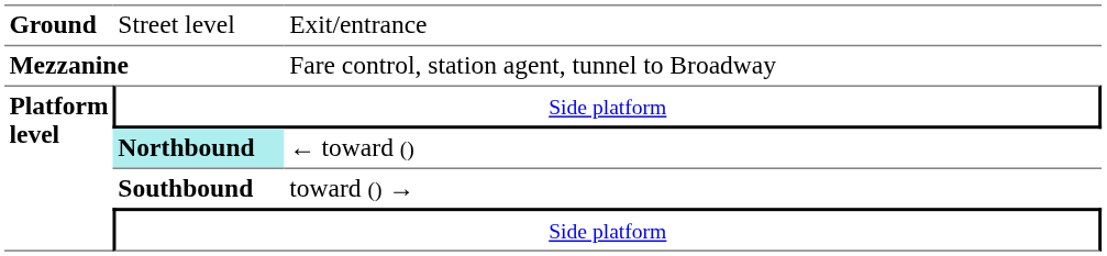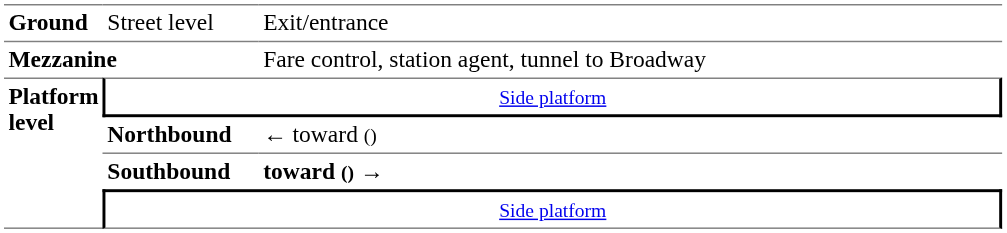 <table cellspacing=0 cellpadding=3>
 <tr>
 <td style="border-top:solid 1px gray;" width=50><strong>Ground</strong></td>
 <td style="border-top:solid 1px gray;" width=100>Street level</td>
 <td style="border-top:solid 1px gray;" width=500>Exit/entrance<br></td>
 </tr>
 <tr>
 <td style="border-top:solid 1px gray;" colspan=2><strong>Mezzanine</strong></td>
 <td style="border-top:solid 1px gray;">Fare control, station agent, tunnel to Broadway</td>
 </tr>
 <tr>
 <td style="border-top:solid 1px gray;border-bottom:solid 1px gray;" rowspan=5 valign=top><strong>Platform<br>level</strong></td>
 <td style="border-top:solid 1px gray;border-right:solid 2px black;border-left:solid 2px black;border-bottom:solid 2px black;text-align:center;" colspan=2><small><a href='#'>Side platform</a></small></td>
 </tr>
 <tr>
-<td style="background: paleturquoise;"><span><strong>Northbound</strong></span></td>
+<td><span><strong>Northbound</strong></span></td>
 <td>←  toward  <small>()</small></td>
 </tr>
 <tr>
 <td style="border-top:solid 1px gray;"><span><strong>Southbound</strong></span></td>
-<td style="border-top:solid 1px gray;">  toward  <small>()</small> →</td>
+<td style="border-top:solid 1px gray;"><strong>  toward  <small>()</small> →</strong></td>
 </tr>
 <tr>
 <td style="border-top:solid 2px black;border-right:solid 2px black;border-left:solid 2px black;border-bottom:solid 1px gray;text-align:center;" colspan=2><small><a href='#'>Side platform</a></small></td>
 </tr>
 </table>
